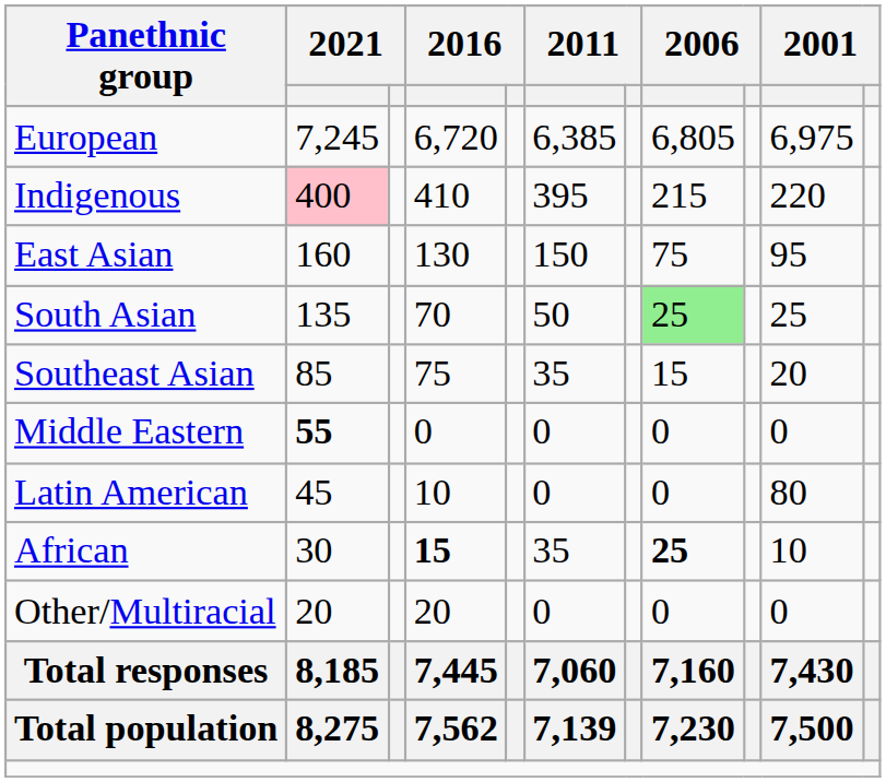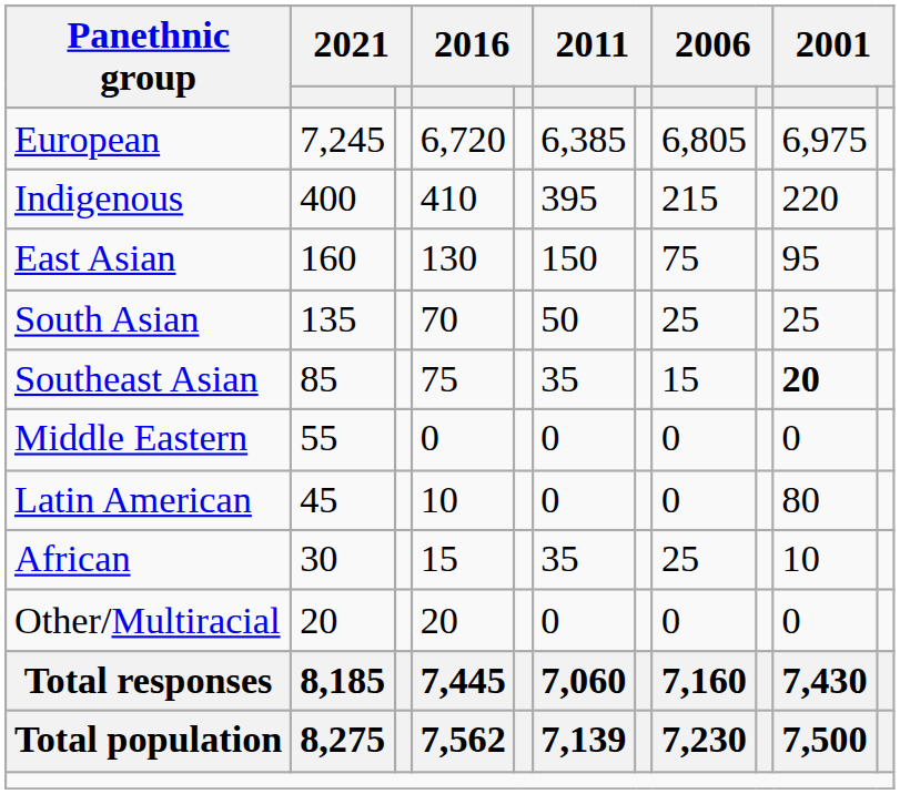 <table class="wikitable collapsible sortable">
 <tr>
 <th rowspan="2"><a href='#'>Panethnic</a><br>group</th>
 <th colspan="2">2021</th>
 <th colspan="2">2016</th>
 <th colspan="2">2011</th>
 <th colspan="2">2006</th>
 <th colspan="2">2001</th>
 </tr>
 <tr>
 <th><a href='#'></a></th>
 <th></th>
 <th></th>
 <th></th>
 <th></th>
 <th></th>
 <th></th>
 <th></th>
 <th></th>
 <th></th>
 </tr>
 <tr>
 <td><a href='#'>European</a></td>
 <td>7,245</td>
 <td></td>
 <td>6,720</td>
 <td></td>
 <td>6,385</td>
 <td></td>
 <td>6,805</td>
 <td></td>
 <td>6,975</td>
 <td></td>
 </tr>
 <tr>
 <td><a href='#'>Indigenous</a></td>
-<td style="background: pink;">400</td>
+<td>400</td>
 <td></td>
 <td>410</td>
 <td></td>
 <td>395</td>
 <td></td>
 <td>215</td>
 <td></td>
 <td>220</td>
 <td></td>
 </tr>
 <tr>
 <td><a href='#'>East Asian</a></td>
 <td>160</td>
 <td></td>
 <td>130</td>
 <td></td>
 <td>150</td>
 <td></td>
 <td>75</td>
 <td></td>
 <td>95</td>
 <td></td>
 </tr>
 <tr>
 <td><a href='#'>South Asian</a></td>
 <td>135</td>
 <td></td>
 <td>70</td>
 <td></td>
 <td>50</td>
 <td></td>
-<td style="background: lightgreen;">25</td>
+<td>25</td>
 <td></td>
 <td>25</td>
 <td></td>
 </tr>
 <tr>
 <td><a href='#'>Southeast Asian</a></td>
 <td>85</td>
 <td></td>
 <td>75</td>
 <td></td>
 <td>35</td>
 <td></td>
 <td>15</td>
 <td></td>
-<td>20</td>
+<td><strong>20</strong></td>
 <td></td>
 </tr>
 <tr>
 <td><a href='#'>Middle Eastern</a></td>
-<td><strong>55</strong></td>
+<td>55</td>
 <td></td>
 <td>0</td>
 <td></td>
 <td>0</td>
 <td></td>
 <td>0</td>
 <td></td>
 <td>0</td>
 <td></td>
 </tr>
 <tr>
 <td><a href='#'>Latin American</a></td>
 <td>45</td>
 <td></td>
 <td>10</td>
 <td></td>
 <td>0</td>
 <td></td>
 <td>0</td>
 <td></td>
 <td>80</td>
 <td></td>
 </tr>
 <tr>
 <td><a href='#'>African</a></td>
 <td>30</td>
 <td></td>
-<td><strong>15</strong></td>
+<td>15</td>
 <td></td>
 <td>35</td>
 <td></td>
-<td><strong>25</strong></td>
+<td>25</td>
 <td></td>
 <td>10</td>
 <td></td>
 </tr>
 <tr>
 <td>Other/<a href='#'>Multiracial</a></td>
 <td>20</td>
 <td></td>
 <td>20</td>
 <td></td>
 <td>0</td>
 <td></td>
 <td>0</td>
 <td></td>
 <td>0</td>
 <td></td>
 </tr>
 <tr>
 <th>Total responses</th>
 <th>8,185</th>
 <th></th>
 <th>7,445</th>
 <th></th>
 <th>7,060</th>
 <th></th>
 <th>7,160</th>
 <th></th>
 <th>7,430</th>
 <th></th>
 </tr>
 <tr>
 <th>Total population</th>
 <th>8,275</th>
 <th></th>
 <th>7,562</th>
 <th></th>
 <th>7,139</th>
 <th></th>
 <th>7,230</th>
 <th></th>
 <th>7,500</th>
 <th></th>
 </tr>
 <tr class="sortbottom">
 <td colspan="15"></td>
 </tr>
 </table>
